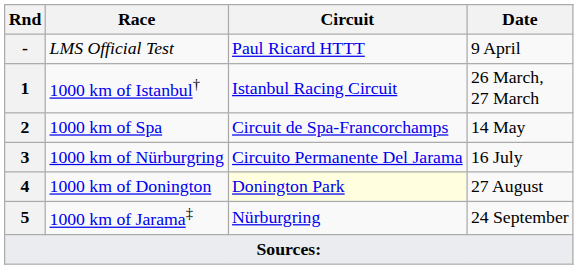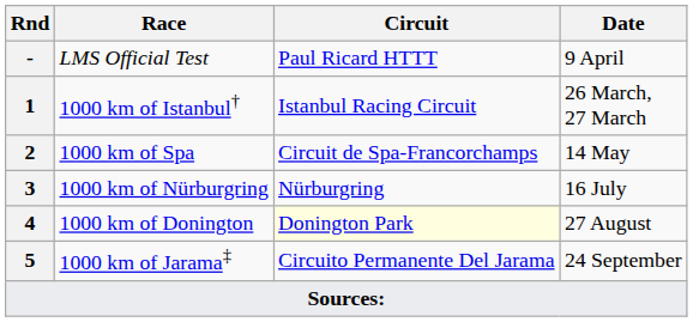 <table class="wikitable" style="font-size: 90%;">
 <tr>
 <th>Rnd</th>
 <th>Race</th>
 <th>Circuit</th>
 <th>Date</th>
 </tr>
 <tr>
 <th>-</th>
 <td> <em>LMS Official Test</em></td>
 <td><a href='#'>Paul Ricard HTTT</a></td>
 <td>9 April</td>
 </tr>
 <tr>
 <th>1</th>
 <td> <a href='#'>1000 km of Istanbul</a><sup>†</sup></td>
 <td><a href='#'>Istanbul Racing Circuit</a></td>
 <td>26 March,<br>27 March</td>
 </tr>
 <tr>
 <th>2</th>
 <td> <a href='#'>1000 km of Spa</a></td>
 <td><a href='#'>Circuit de Spa-Francorchamps</a></td>
 <td>14 May</td>
 </tr>
 <tr>
 <th>3</th>
 <td> <a href='#'>1000 km of Nürburgring</a></td>
-<td><a href='#'>Circuito Permanente Del Jarama</a></td>
+<td><a href='#'>Nürburgring</a></td>
 <td>16 July</td>
 </tr>
 <tr>
 <th>4</th>
 <td> <a href='#'>1000 km of Donington</a></td>
 <td style="background: lightyellow;"><a href='#'>Donington Park</a></td>
 <td>27 August</td>
 </tr>
 <tr>
 <th>5</th>
 <td> <a href='#'>1000 km of Jarama</a><sup>‡</sup></td>
-<td><a href='#'>Nürburgring</a></td>
+<td><a href='#'>Circuito Permanente Del Jarama</a></td>
 <td>24 September</td>
 </tr>
 <tr class="sortbottom">
 <td colspan="4" style="background-color:#EAECF0;text-align:center"><strong>Sources:</strong></td>
 </tr>
 </table>
